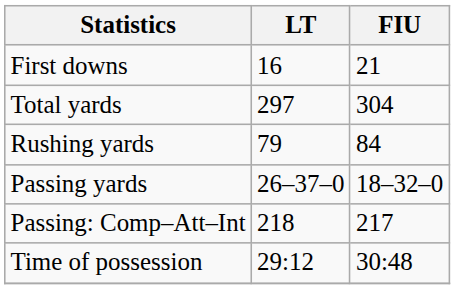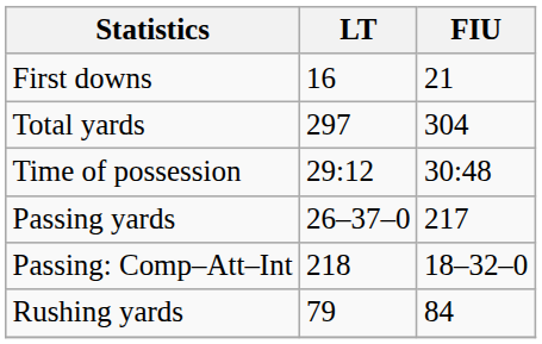 <table class="wikitable" style="float: left;">
 <tr>
 <th>Statistics</th>
 <th>LT</th>
 <th>FIU</th>
 </tr>
 <tr>
 <td>First downs</td>
 <td>16</td>
 <td>21</td>
 </tr>
 <tr>
 <td>Total yards</td>
 <td>297</td>
 <td>304</td>
 </tr>
 <tr>
+<td>Time of possession</td>
+<td>29:12</td>
+<td>30:48</td>
+</tr>
+<tr>
+<td>Passing yards</td>
+<td>26–37–0</td>
+<td>217</td>
+</tr>
+<tr>
+<td>Passing: Comp–Att–Int</td>
+<td>218</td>
+<td>18–32–0</td>
+</tr>
+<tr>
 <td>Rushing yards</td>
 <td>79</td>
 <td>84</td>
 </tr>
 <tr>
-<td>Passing yards</td>
-<td>26–37–0</td>
-<td>18–32–0</td>
-</tr>
-<tr>
-<td>Passing: Comp–Att–Int</td>
-<td>218</td>
-<td>217</td>
-</tr>
-<tr>
-<td>Time of possession</td>
-<td>29:12</td>
-<td>30:48</td>
-</tr>
-<tr>
 </tr>
 </table>
